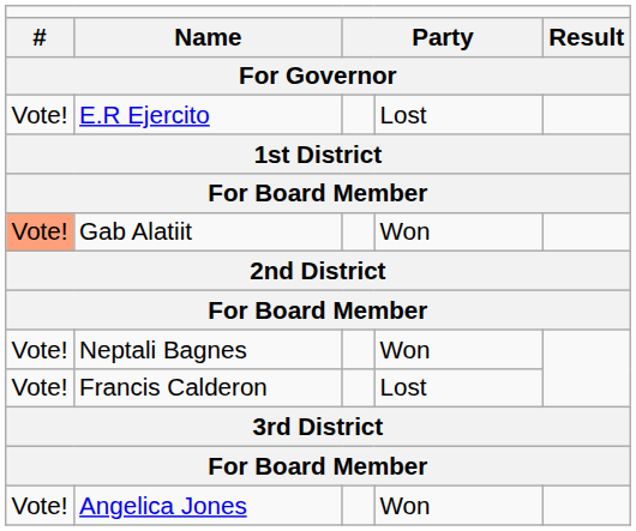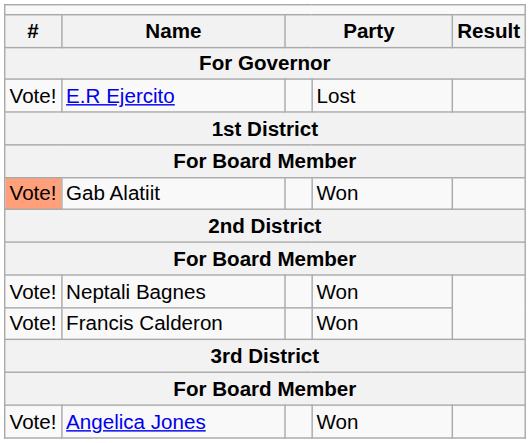 <table class="wikitable" style="font-size:90%">
 <tr>
 <td colspan="5" style="color:inherit;background:"></td>
 </tr>
 <tr>
 <th>#</th>
 <th width=150px>Name</th>
 <th colspan=2 width=110px>Party</th>
 <th>Result</th>
 </tr>
 <tr>
 <th colspan="5">For Governor</th>
 </tr>
 <tr>
 <td>Vote!</td>
 <td><a href='#'>E.R Ejercito</a></td>
 <td></td>
 <td>Lost</td>
 </tr>
 <tr>
 <th colspan="5">1st District</th>
 </tr>
 <tr>
 <th colspan="5">For Board Member</th>
 </tr>
 <tr>
 <td style="background: lightsalmon;">Vote!</td>
 <td>Gab Alatiit</td>
 <td></td>
 <td>Won</td>
 </tr>
 <tr>
 <th colspan="5">2nd District</th>
 </tr>
 <tr>
 <th colspan="5">For Board Member</th>
 </tr>
 <tr>
 <td>Vote!</td>
 <td>Neptali Bagnes</td>
 <td></td>
 <td>Won</td>
 </tr>
 <tr>
 <td>Vote!</td>
 <td>Francis Calderon</td>
 <td></td>
-<td>Lost</td>
+<td>Won</td>
 </tr>
 <tr>
 <th colspan="5">3rd District</th>
 </tr>
 <tr>
 <th colspan="5">For Board Member</th>
 </tr>
 <tr>
 <td>Vote!</td>
 <td><a href='#'>Angelica Jones</a></td>
 <td></td>
 <td>Won</td>
 </tr>
 </table>
